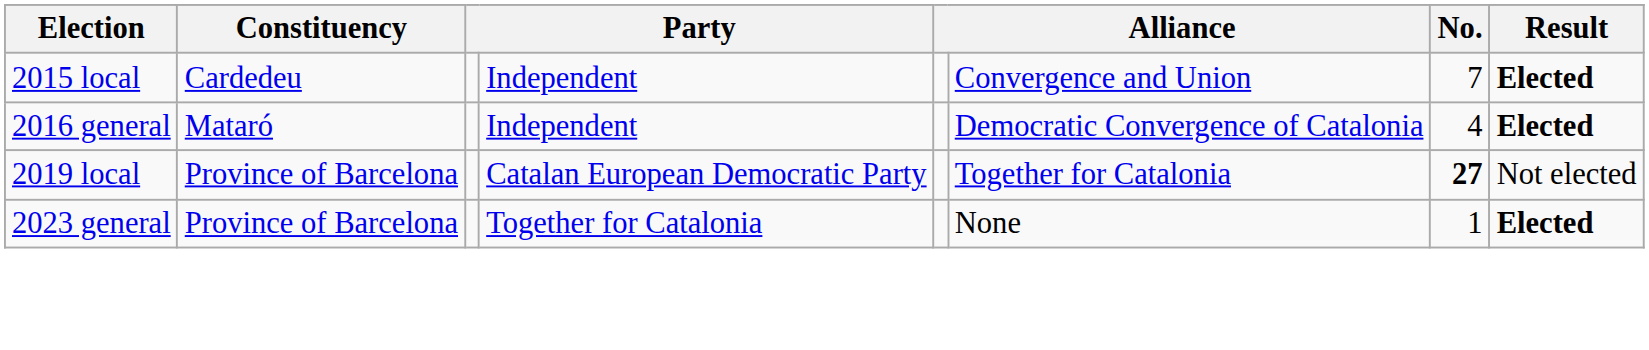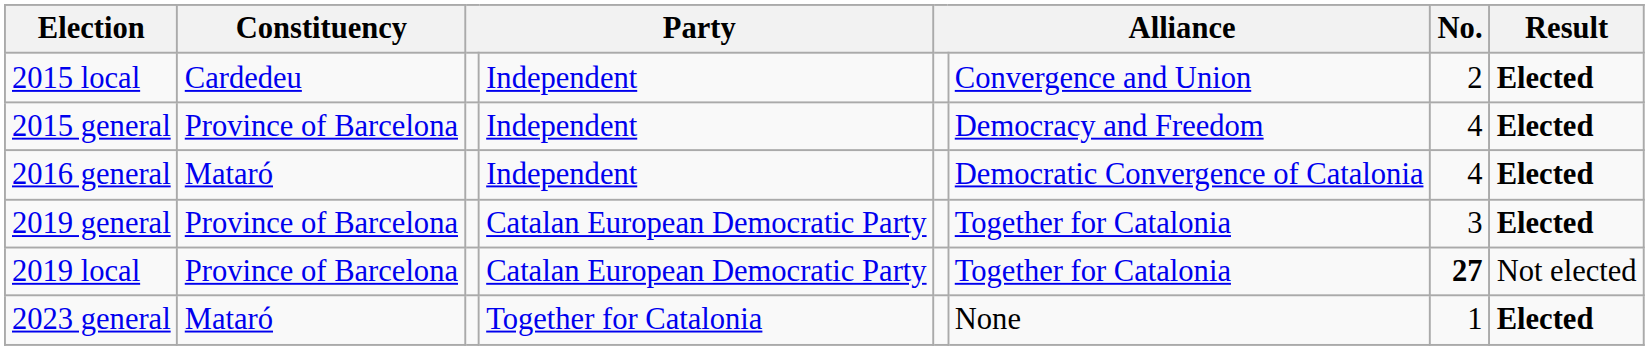 <table class="wikitable" style="text-align:left;">
 <tr>
 <th scope=col>Election</th>
 <th scope=col>Constituency</th>
 <th scope=col colspan="2">Party</th>
 <th scope=col colspan="2">Alliance</th>
 <th scope=col>No.</th>
 <th scope=col>Result</th>
 </tr>
 <tr>
 <td><a href='#'>2015 local</a></td>
 <td><a href='#'>Cardedeu</a></td>
 <td style="background:"></td>
 <td><a href='#'>Independent</a></td>
 <td style="background:"></td>
 <td><a href='#'>Convergence and Union</a></td>
-<td align=right>7</td>
+<td align=right>2</td>
+<td><strong>Elected</strong></td>
+</tr>
+<tr>
+<td><a href='#'>2015 general</a></td>
+<td><a href='#'>Province of Barcelona</a></td>
+<td style="background:"></td>
+<td><a href='#'>Independent</a></td>
+<td style="background:"></td>
+<td><a href='#'>Democracy and Freedom</a></td>
+<td align=right>4</td>
 <td><strong>Elected</strong></td>
 </tr>
 <tr>
 <td><a href='#'>2016 general</a></td>
 <td><a href='#'>Mataró</a></td>
 <td style="background:"></td>
 <td><a href='#'>Independent</a></td>
 <td style="background:"></td>
 <td><a href='#'>Democratic Convergence of Catalonia</a></td>
 <td align=right>4</td>
+<td><strong>Elected</strong></td>
+</tr>
+<tr>
+<td><a href='#'>2019 general</a></td>
+<td><a href='#'>Province of Barcelona</a></td>
+<td style="background:"></td>
+<td><a href='#'>Catalan European Democratic Party</a></td>
+<td style="background:"></td>
+<td><a href='#'>Together for Catalonia</a></td>
+<td align=right>3</td>
 <td><strong>Elected</strong></td>
 </tr>
 <tr>
 <td><a href='#'>2019 local</a></td>
 <td><a href='#'>Province of Barcelona</a></td>
 <td style="background:"></td>
 <td><a href='#'>Catalan European Democratic Party</a></td>
 <td style="background:"></td>
 <td><a href='#'>Together for Catalonia</a></td>
 <td align=right><strong>27</strong></td>
 <td>Not elected</td>
 </tr>
 <tr>
 <td><a href='#'>2023 general</a></td>
-<td><a href='#'>Province of Barcelona</a></td>
+<td><a href='#'>Mataró</a></td>
 <td style="background:"></td>
 <td><a href='#'>Together for Catalonia</a></td>
 <td></td>
 <td>None</td>
 <td align=right>1</td>
 <td><strong>Elected</strong></td>
 </tr>
 </table>
